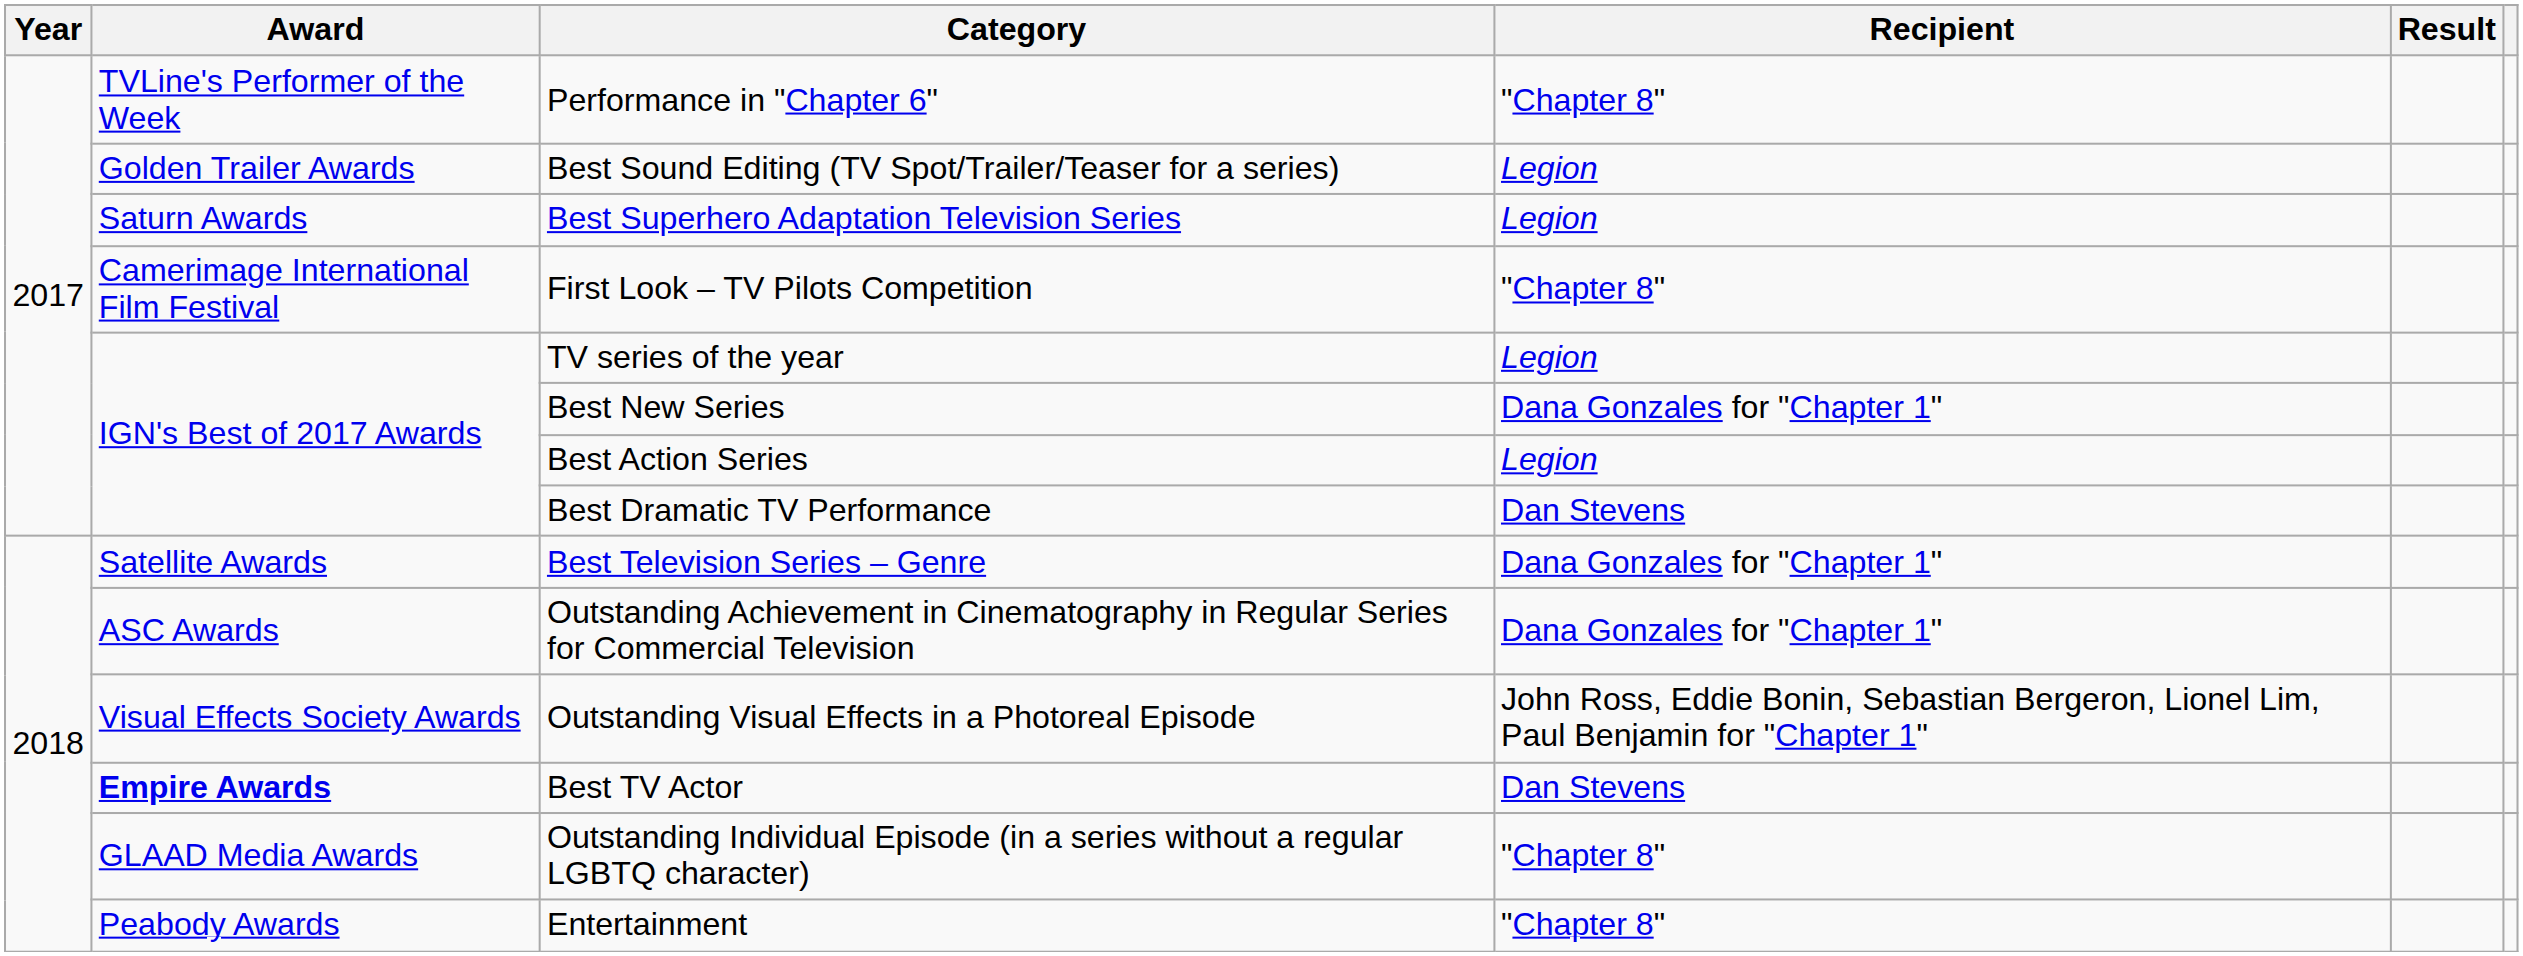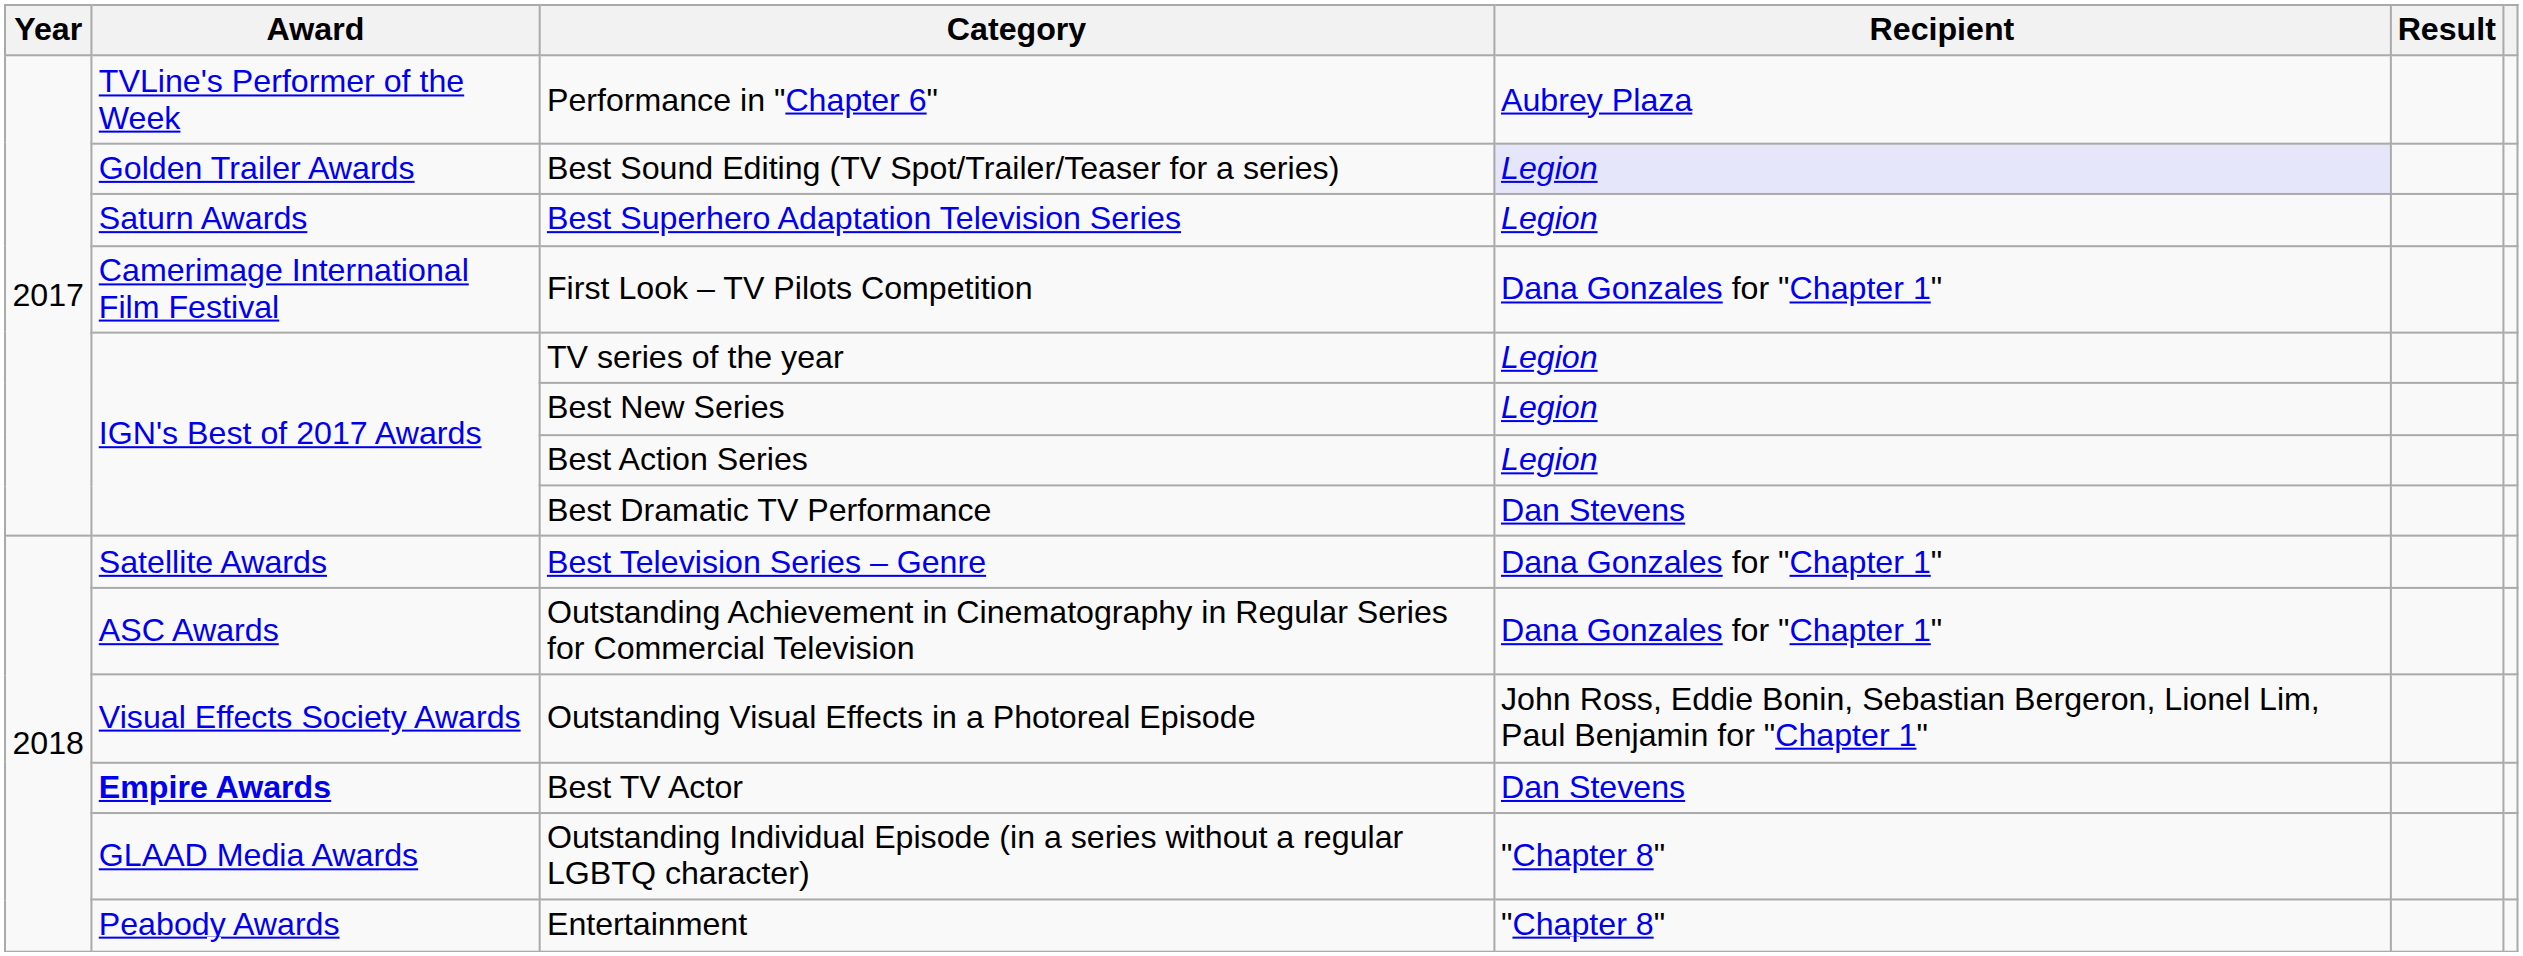 <table class="wikitable sortable" style="width: 99%;">
 <tr>
 <th>Year</th>
 <th>Award</th>
 <th>Category</th>
 <th>Recipient</th>
 <th>Result</th>
 <th scope="col" class="unsortable"></th>
 </tr>
 <tr>
 <td rowspan="8">2017</td>
 <td><a href='#'>TVLine's Performer of the Week</a></td>
 <td>Performance in "<a href='#'>Chapter 6</a>"</td>
-<td>"<a href='#'>Chapter 8</a>"</td>
+<td><a href='#'>Aubrey Plaza</a></td>
 <td></td>
 <td style="text-align:center;"></td>
 </tr>
 <tr>
 <td><a href='#'>Golden Trailer Awards</a></td>
 <td>Best Sound Editing (TV Spot/Trailer/Teaser for a series)</td>
-<td><em><a href='#'>Legion</a></em></td>
+<td style="background: lavender;"><em><a href='#'>Legion</a></em></td>
 <td></td>
 <td style="text-align:center;"></td>
 </tr>
 <tr>
 <td><a href='#'>Saturn Awards</a></td>
 <td><a href='#'>Best Superhero Adaptation Television Series</a></td>
 <td><em><a href='#'>Legion</a></em></td>
 <td></td>
 <td style="text-align:center;"></td>
 </tr>
 <tr>
 <td><a href='#'>Camerimage International Film Festival</a></td>
 <td>First Look – TV Pilots Competition</td>
-<td>"<a href='#'>Chapter 8</a>"</td>
+<td><a href='#'>Dana Gonzales</a> for "<a href='#'>Chapter 1</a>"</td>
 <td></td>
 <td style="text-align:center;"></td>
 </tr>
 <tr>
 <td rowspan="4"><a href='#'>IGN's Best of 2017 Awards</a></td>
 <td>TV series of the year</td>
 <td><em><a href='#'>Legion</a></em></td>
 <td></td>
 <td style="text-align:center;"></td>
 </tr>
 <tr>
 <td>Best New Series</td>
-<td><a href='#'>Dana Gonzales</a> for "<a href='#'>Chapter 1</a>"</td>
+<td><em><a href='#'>Legion</a></em></td>
 <td></td>
 <td style="text-align:center;"></td>
 </tr>
 <tr>
 <td>Best Action Series</td>
 <td><em><a href='#'>Legion</a></em></td>
 <td></td>
 <td style="text-align:center;"></td>
 </tr>
 <tr>
 <td>Best Dramatic TV Performance</td>
 <td><a href='#'>Dan Stevens</a></td>
 <td></td>
 <td style="text-align:center;"></td>
 </tr>
 <tr>
 <td rowspan="6">2018</td>
 <td><a href='#'>Satellite Awards</a></td>
 <td><a href='#'>Best Television Series – Genre</a></td>
 <td><a href='#'>Dana Gonzales</a> for "<a href='#'>Chapter 1</a>"</td>
 <td></td>
 <td style="text-align:center;"></td>
 </tr>
 <tr>
 <td><a href='#'>ASC Awards</a></td>
 <td>Outstanding Achievement in Cinematography in Regular Series for Commercial Television</td>
 <td><a href='#'>Dana Gonzales</a> for "<a href='#'>Chapter 1</a>"</td>
 <td></td>
 <td style="text-align:center;"></td>
 </tr>
 <tr>
 <td><a href='#'>Visual Effects Society Awards</a></td>
 <td>Outstanding Visual Effects in a Photoreal Episode</td>
 <td>John Ross, Eddie Bonin, Sebastian Bergeron, Lionel Lim, Paul Benjamin for "<a href='#'>Chapter 1</a>"</td>
 <td></td>
 <td style="text-align:center;"></td>
 </tr>
 <tr>
 <td><strong><a href='#'>Empire Awards</a></strong></td>
 <td>Best TV Actor</td>
 <td><a href='#'>Dan Stevens</a></td>
 <td></td>
 <td style="text-align:center;"></td>
 </tr>
 <tr>
 <td><a href='#'>GLAAD Media Awards</a></td>
 <td>Outstanding Individual Episode (in a series without a regular LGBTQ character)</td>
 <td>"<a href='#'>Chapter 8</a>"</td>
 <td></td>
 <td style="text-align:center;"></td>
 </tr>
 <tr>
 <td><a href='#'>Peabody Awards</a></td>
 <td>Entertainment</td>
 <td>"<a href='#'>Chapter 8</a>"</td>
 <td></td>
 <td style="text-align:center;"></td>
 </tr>
 </table>
